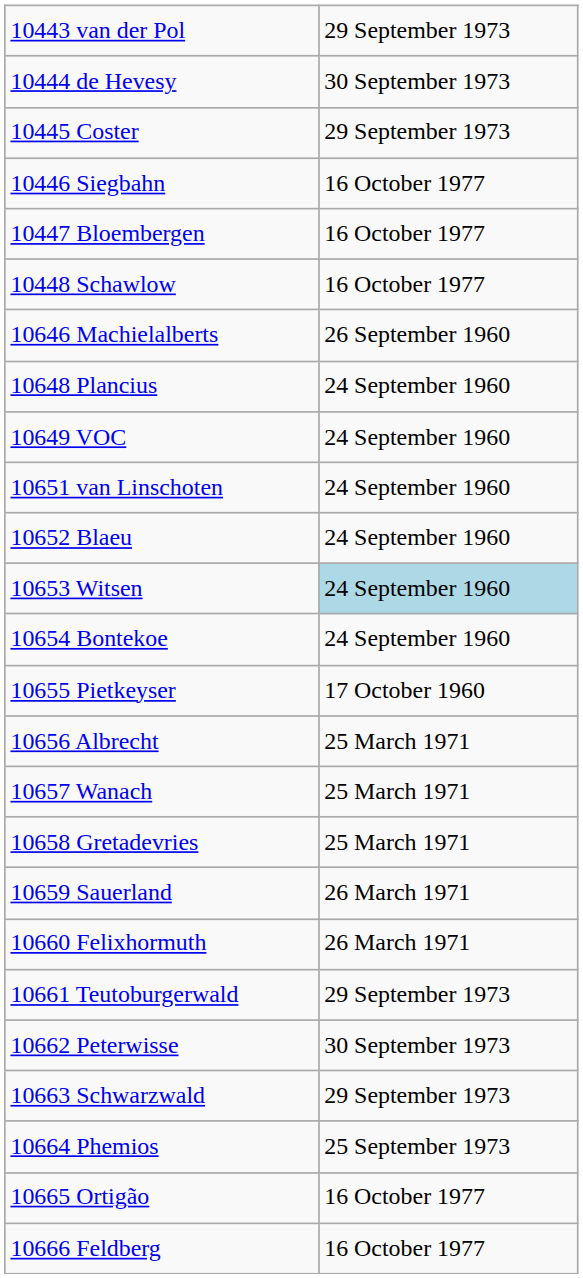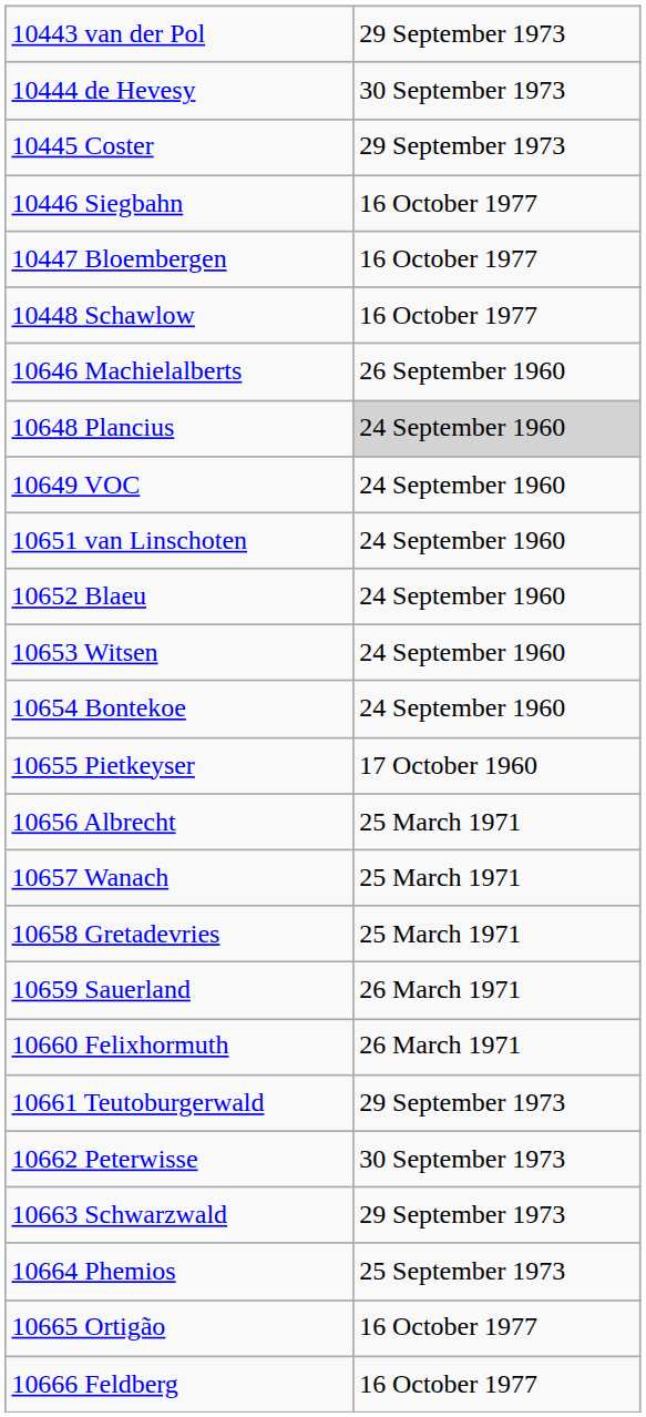 <table class="wikitable" style="font-size: 89%; float: left; width: 24em; margin-right: 1em; line-height: 1.65em">
 <tr>
 <td><a href='#'>10443 van der Pol</a></td>
 <td>29 September 1973</td>
 </tr>
 <tr>
 <td><a href='#'>10444 de Hevesy</a></td>
 <td>30 September 1973</td>
 </tr>
 <tr>
 <td><a href='#'>10445 Coster</a></td>
 <td>29 September 1973</td>
 </tr>
 <tr>
 <td><a href='#'>10446 Siegbahn</a></td>
 <td>16 October 1977</td>
 </tr>
 <tr>
 <td><a href='#'>10447 Bloembergen</a></td>
 <td>16 October 1977</td>
 </tr>
 <tr>
 <td><a href='#'>10448 Schawlow</a></td>
 <td>16 October 1977</td>
 </tr>
 <tr>
 <td><a href='#'>10646 Machielalberts</a></td>
 <td>26 September 1960</td>
 </tr>
 <tr>
 <td><a href='#'>10648 Plancius</a></td>
-<td>24 September 1960</td>
+<td style="background: lightgrey;">24 September 1960</td>
 </tr>
 <tr>
 <td><a href='#'>10649 VOC</a></td>
 <td>24 September 1960</td>
 </tr>
 <tr>
 <td><a href='#'>10651 van Linschoten</a></td>
 <td>24 September 1960</td>
 </tr>
 <tr>
 <td><a href='#'>10652 Blaeu</a></td>
 <td>24 September 1960</td>
 </tr>
 <tr>
 <td><a href='#'>10653 Witsen</a></td>
-<td style="background: lightblue;">24 September 1960</td>
+<td>24 September 1960</td>
 </tr>
 <tr>
 <td><a href='#'>10654 Bontekoe</a></td>
 <td>24 September 1960</td>
 </tr>
 <tr>
 <td><a href='#'>10655 Pietkeyser</a></td>
 <td>17 October 1960</td>
 </tr>
 <tr>
 <td><a href='#'>10656 Albrecht</a></td>
 <td>25 March 1971</td>
 </tr>
 <tr>
 <td><a href='#'>10657 Wanach</a></td>
 <td>25 March 1971</td>
 </tr>
 <tr>
 <td><a href='#'>10658 Gretadevries</a></td>
 <td>25 March 1971</td>
 </tr>
 <tr>
 <td><a href='#'>10659 Sauerland</a></td>
 <td>26 March 1971</td>
 </tr>
 <tr>
 <td><a href='#'>10660 Felixhormuth</a></td>
 <td>26 March 1971</td>
 </tr>
 <tr>
 <td><a href='#'>10661 Teutoburgerwald</a></td>
 <td>29 September 1973</td>
 </tr>
 <tr>
 <td><a href='#'>10662 Peterwisse</a></td>
 <td>30 September 1973</td>
 </tr>
 <tr>
 <td><a href='#'>10663 Schwarzwald</a></td>
 <td>29 September 1973</td>
 </tr>
 <tr>
 <td><a href='#'>10664 Phemios</a></td>
 <td>25 September 1973</td>
 </tr>
 <tr>
 <td><a href='#'>10665 Ortigão</a></td>
 <td>16 October 1977</td>
 </tr>
 <tr>
 <td><a href='#'>10666 Feldberg</a></td>
 <td>16 October 1977</td>
 </tr>
 </table>
